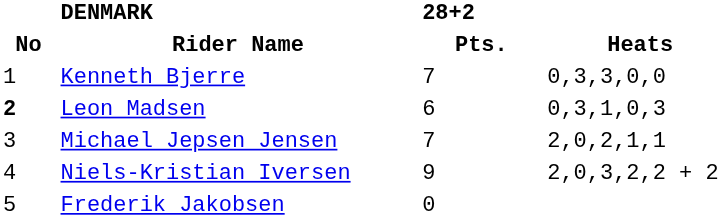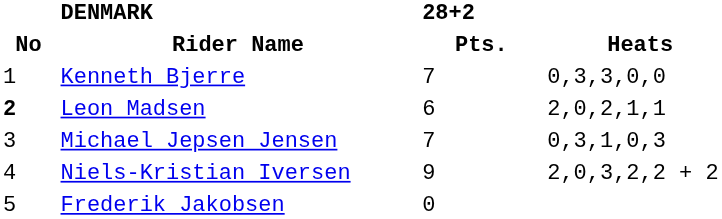 <table class="toccolours">
 <tr>
 <td></td>
 <td><strong>DENMARK</strong></td>
 <td><strong>28+2</strong></td>
 </tr>
 <tr style="background-color:">
 <th width=30px>No</th>
 <th width=210px>Rider Name</th>
 <th width=70px>Pts.</th>
 <th width=110px>Heats</th>
 </tr>
 <tr style="background-color:">
 <td>1</td>
 <td><a href='#'>Kenneth Bjerre</a></td>
 <td>7</td>
 <td>0,3,3,0,0</td>
 </tr>
 <tr style="background-color:">
 <td><strong>2</strong></td>
 <td><a href='#'>Leon Madsen</a></td>
 <td>6</td>
-<td>0,3,1,0,3</td>
+<td>2,0,2,1,1</td>
 </tr>
 <tr style="background-color:">
 <td>3</td>
 <td><a href='#'>Michael Jepsen Jensen</a></td>
 <td>7</td>
-<td>2,0,2,1,1</td>
+<td>0,3,1,0,3</td>
 </tr>
 <tr style="background-color:">
 <td>4</td>
 <td><a href='#'>Niels-Kristian Iversen</a></td>
 <td>9</td>
 <td>2,0,3,2,2 + 2</td>
 </tr>
 <tr style="background-color:">
 <td>5</td>
 <td><a href='#'>Frederik Jakobsen</a></td>
 <td>0</td>
 <td></td>
 </tr>
 </table>
